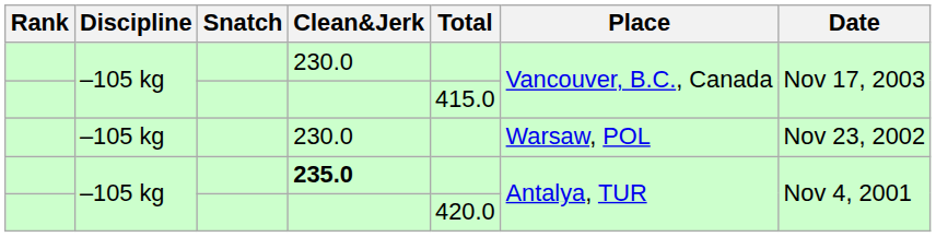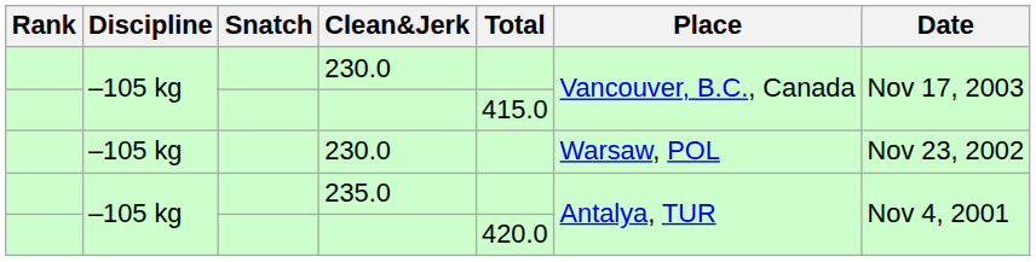 <table class="wikitable">
 <tr>
 <th>Rank</th>
 <th>Discipline</th>
 <th>Snatch</th>
 <th>Clean&Jerk</th>
 <th>Total</th>
 <th>Place</th>
 <th>Date</th>
 </tr>
 <tr bgcolor=#CCFFCC>
 <td></td>
 <td rowspan=2>–105 kg</td>
 <td></td>
 <td>230.0</td>
 <td></td>
 <td rowspan=2><a href='#'>Vancouver, B.C.</a>, Canada</td>
 <td rowspan=2>Nov 17, 2003</td>
 </tr>
 <tr bgcolor=#CCFFCC>
 <td></td>
 <td></td>
 <td></td>
 <td>415.0</td>
 </tr>
 <tr bgcolor=#CCFFCC>
 <td></td>
 <td>–105 kg</td>
 <td></td>
 <td>230.0</td>
 <td></td>
 <td><a href='#'>Warsaw</a>, <a href='#'>POL</a></td>
 <td>Nov 23, 2002</td>
 </tr>
 <tr bgcolor=#CCFFCC>
 <td></td>
 <td rowspan=2>–105 kg</td>
 <td></td>
-<td><strong>235.0</strong></td>
+<td>235.0</td>
 <td></td>
 <td rowspan=2><a href='#'>Antalya</a>, <a href='#'>TUR</a></td>
 <td rowspan=2>Nov 4, 2001</td>
 </tr>
 <tr bgcolor=#CCFFCC>
 <td></td>
 <td></td>
 <td></td>
 <td>420.0</td>
 </tr>
 </table>
